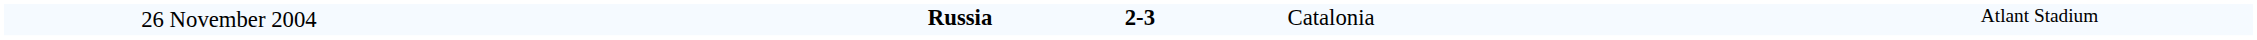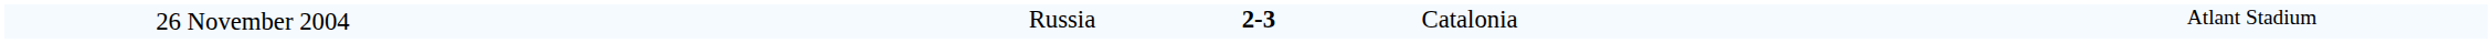 <table style="width: 100%; background:#F5FAFF;" cellspacing="0">
 <tr>
 <td align=center rowspan=3 width=20%>26 November 2004</td>
 </tr>
 <tr>
-<td width=24% align=right><strong>Russia </strong></td>
+<td width=24% align=right>Russia </td>
 <td align=center width=13%><strong>2-3</strong></td>
 <td width=24%> Catalonia</td>
 <td style=font-size:85% rowspan=3 valign=top align=center>Atlant Stadium</td>
 </tr>
 <tr style=font-size:85%>
 <td align=right valign=top></td>
 <td></td>
 <td></td>
 </tr>
 </table>
